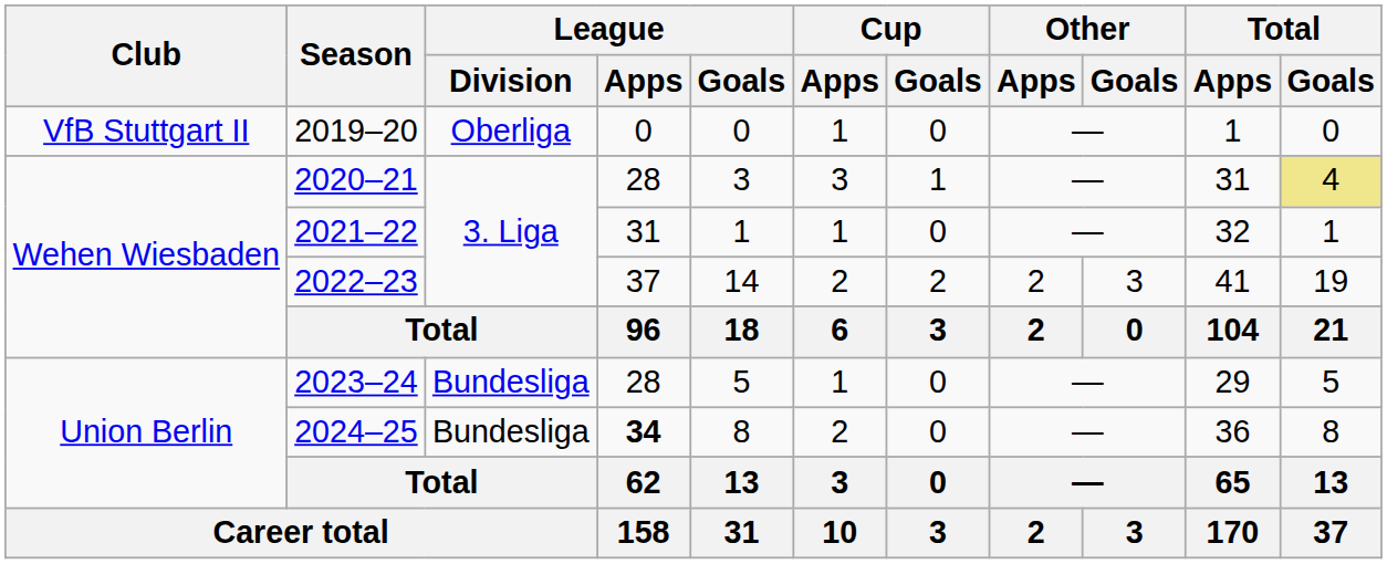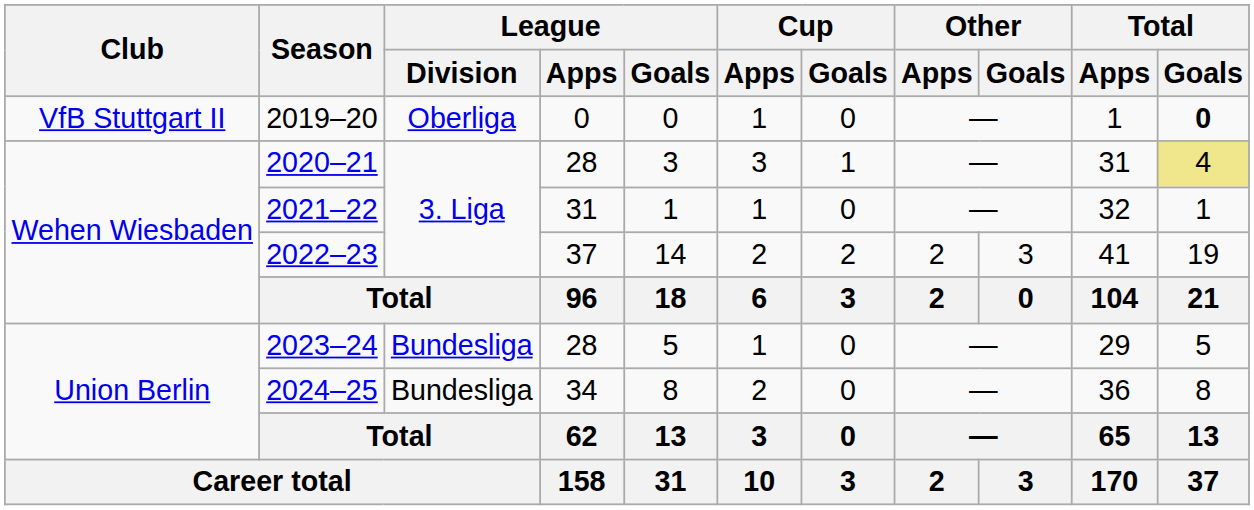 <table class="wikitable" style="text-align:center">
 <tr>
 <th rowspan="2">Club</th>
 <th rowspan="2">Season</th>
 <th colspan="3">League</th>
 <th colspan="2">Cup</th>
 <th colspan="2">Other</th>
 <th colspan="2">Total</th>
 </tr>
 <tr>
 <th>Division</th>
 <th>Apps</th>
 <th>Goals</th>
 <th>Apps</th>
 <th>Goals</th>
 <th>Apps</th>
 <th>Goals</th>
 <th>Apps</th>
 <th>Goals</th>
 </tr>
 <tr>
 <td><a href='#'>VfB Stuttgart II</a></td>
 <td>2019–20</td>
 <td><a href='#'>Oberliga</a></td>
 <td>0</td>
 <td>0</td>
 <td>1</td>
 <td>0</td>
 <td colspan="2">—</td>
 <td>1</td>
-<td>0</td>
+<td><strong>0</strong></td>
 </tr>
 <tr>
 <td rowspan="4"><a href='#'>Wehen Wiesbaden</a></td>
 <td><a href='#'>2020–21</a></td>
 <td rowspan="3"><a href='#'>3. Liga</a></td>
 <td>28</td>
 <td>3</td>
 <td>3</td>
 <td>1</td>
 <td colspan="2">—</td>
 <td>31</td>
 <td style="background: khaki;">4</td>
 </tr>
 <tr>
 <td><a href='#'>2021–22</a></td>
 <td>31</td>
 <td>1</td>
 <td>1</td>
 <td>0</td>
 <td colspan="2">—</td>
 <td>32</td>
 <td>1</td>
 </tr>
 <tr>
 <td><a href='#'>2022–23</a></td>
 <td>37</td>
 <td>14</td>
 <td>2</td>
 <td>2</td>
 <td>2</td>
 <td>3</td>
 <td>41</td>
 <td>19</td>
 </tr>
 <tr>
 <th colspan="2">Total</th>
 <th>96</th>
 <th>18</th>
 <th>6</th>
 <th>3</th>
 <th>2</th>
 <th>0</th>
 <th>104</th>
 <th>21</th>
 </tr>
 <tr>
 <td rowspan="3"><a href='#'>Union Berlin</a></td>
 <td><a href='#'>2023–24</a></td>
 <td><a href='#'>Bundesliga</a></td>
 <td>28</td>
 <td>5</td>
 <td>1</td>
 <td>0</td>
 <td colspan="2">—</td>
 <td>29</td>
 <td>5</td>
 </tr>
 <tr>
 <td><a href='#'>2024–25</a></td>
 <td>Bundesliga</td>
-<td><strong>34</strong></td>
+<td>34</td>
 <td>8</td>
 <td>2</td>
 <td>0</td>
 <td colspan="2">—</td>
 <td>36</td>
 <td>8</td>
 </tr>
 <tr>
 <th colspan="2">Total</th>
 <th>62</th>
 <th>13</th>
 <th>3</th>
 <th>0</th>
 <th colspan="2">—</th>
 <th>65</th>
 <th>13</th>
 </tr>
 <tr>
 <th colspan="3">Career total</th>
 <th>158</th>
 <th>31</th>
 <th>10</th>
 <th>3</th>
 <th>2</th>
 <th>3</th>
 <th>170</th>
 <th>37</th>
 </tr>
 </table>
